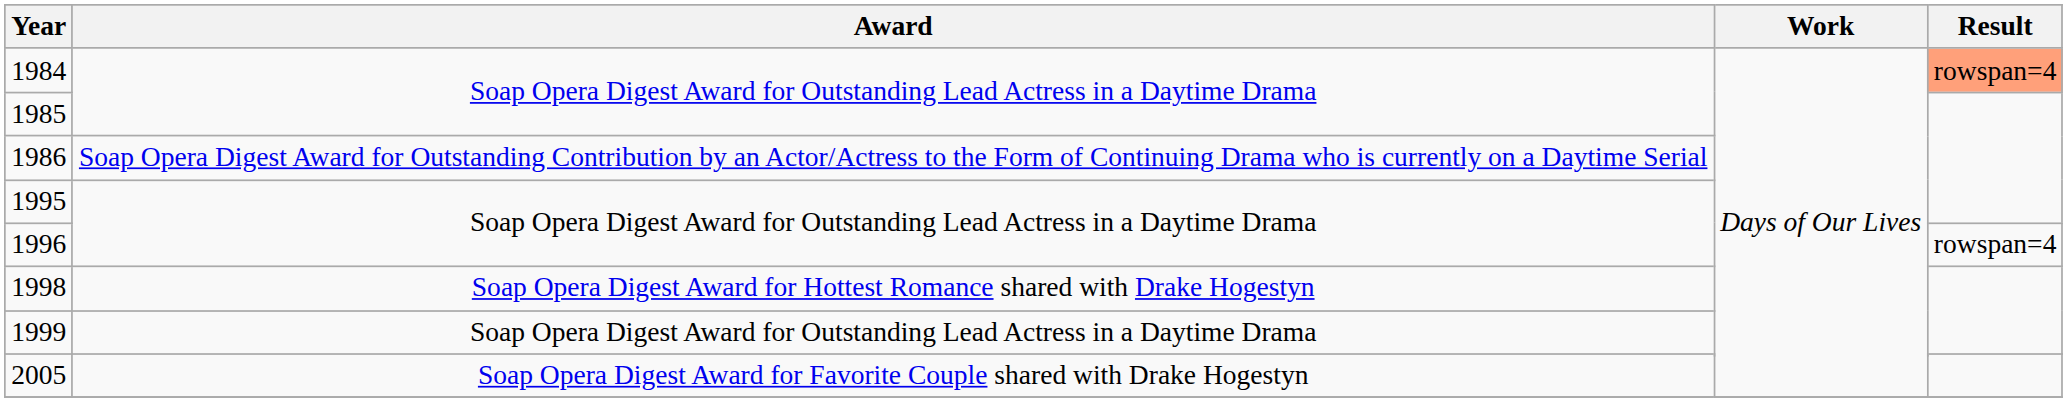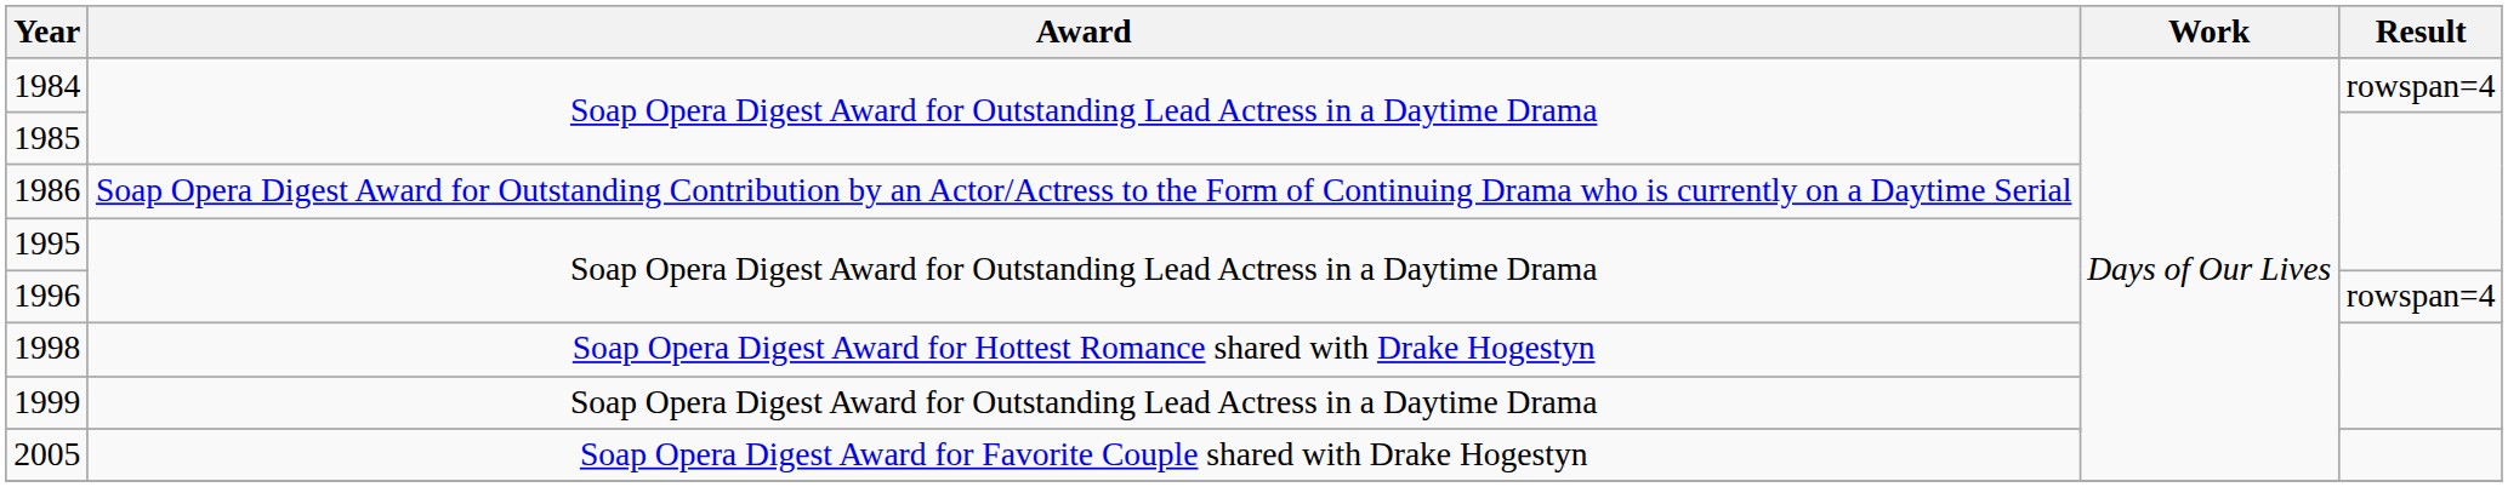 <table class="wikitable sortable">
 <tr>
 <th scope="col">Year</th>
 <th scope="col">Award</th>
 <th scope="col">Work</th>
 <th scope="col">Result</th>
 </tr>
 <tr>
 <td>1984</td>
 <td rowspan=2 style="text-align:center"><a href='#'>Soap Opera Digest Award for Outstanding Lead Actress in a Daytime Drama</a></td>
 <td rowspan=9 style="text-align:center"><em>Days of Our Lives</em></td>
-<td style="background: lightsalmon;">rowspan=4 </td>
+<td>rowspan=4 </td>
 </tr>
 <tr>
 <td>1985</td>
 </tr>
 <tr>
 <td>1986</td>
 <td align=center><a href='#'>Soap Opera Digest Award for Outstanding Contribution by an Actor/Actress to the Form of Continuing Drama who is currently on a Daytime Serial</a></td>
 </tr>
 <tr>
 <td>1995</td>
 <td rowspan=2 style="text-align:center">Soap Opera Digest Award for Outstanding Lead Actress in a Daytime Drama</td>
 </tr>
 <tr>
 <td>1996</td>
 <td>rowspan=4 </td>
 </tr>
 <tr>
 <td>1998</td>
 <td align=center><a href='#'>Soap Opera Digest Award for Hottest Romance</a> shared with <a href='#'>Drake Hogestyn</a></td>
 </tr>
 <tr>
 <td>1999</td>
 <td rowspan=2 style="text-align:center">Soap Opera Digest Award for Outstanding Lead Actress in a Daytime Drama</td>
 </tr>
 <tr>
 <td rowspan=2 style="text-align:center">2005</td>
 </tr>
 <tr>
 <td align=center><a href='#'>Soap Opera Digest Award for Favorite Couple</a> shared with Drake Hogestyn</td>
 <td></td>
 </tr>
 <tr>
 </tr>
 </table>
